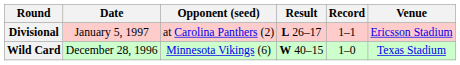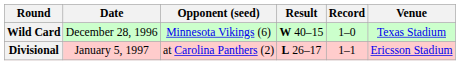 <table class="wikitable" style="text-align:center">
 <tr>
 <th>Round</th>
 <th>Date</th>
 <th>Opponent (seed)</th>
 <th>Result</th>
 <th>Record</th>
 <th>Venue</th>
 </tr>
+<tr style="background:#cfc">
+<th>Wild Card</th>
+<td>December 28, 1996</td>
+<td><a href='#'>Minnesota Vikings</a> (6)</td>
+<td><strong>W</strong> 40–15</td>
+<td>1–0</td>
+<td><a href='#'>Texas Stadium</a></td>
+</tr>
 <tr style="background:#fcc">
 <th>Divisional</th>
 <td>January 5, 1997</td>
 <td>at <a href='#'>Carolina Panthers</a> (2)</td>
 <td><strong>L</strong> 26–17</td>
 <td>1–1</td>
 <td><a href='#'>Ericsson Stadium</a></td>
 </tr>
-<tr style="background:#cfc">
-<th>Wild Card</th>
-<td>December 28, 1996</td>
-<td><a href='#'>Minnesota Vikings</a> (6)</td>
-<td><strong>W</strong> 40–15</td>
-<td>1–0</td>
-<td><a href='#'>Texas Stadium</a></td>
-</tr>
 </table>
